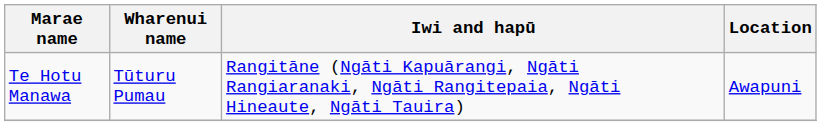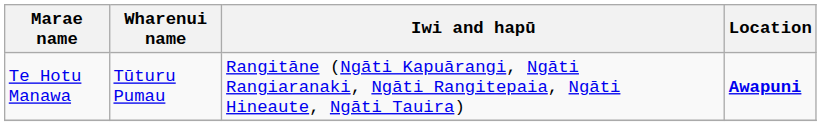 <table class="wikitable sortable">
 <tr>
 <th>Marae name</th>
 <th>Wharenui name</th>
 <th>Iwi and hapū</th>
 <th>Location</th>
 </tr>
 <tr>
 <td><a href='#'>Te Hotu Manawa</a></td>
 <td><a href='#'>Tūturu Pumau</a></td>
 <td><a href='#'>Rangitāne</a> (<a href='#'>Ngāti Kapuārangi</a>, <a href='#'>Ngāti Rangiaranaki</a>, <a href='#'>Ngāti Rangitepaia</a>, <a href='#'>Ngāti Hineaute</a>, <a href='#'>Ngāti Tauira</a>)</td>
-<td><a href='#'>Awapuni</a></td>
+<td><strong><a href='#'>Awapuni</a></strong></td>
 </tr>
 <tr>
 </tr>
 </table>
